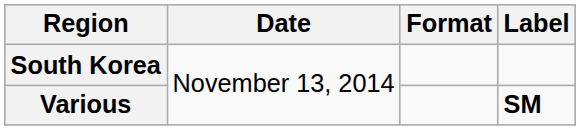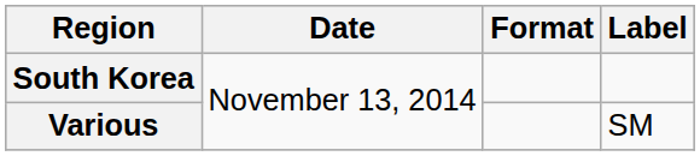 <table class="wikitable plainrowheaders">
 <tr>
 <th scope="col">Region</th>
 <th scope="col">Date</th>
 <th scope="col">Format</th>
 <th scope="col">Label</th>
 </tr>
 <tr>
 <th scope="row">South Korea</th>
 <td rowspan="2">November 13, 2014</td>
 <td></td>
 <td></td>
 </tr>
 <tr>
 <th scope="row">Various </th>
 <td></td>
-<td><strong>SM</strong></td>
+<td>SM</td>
 </tr>
 </table>
